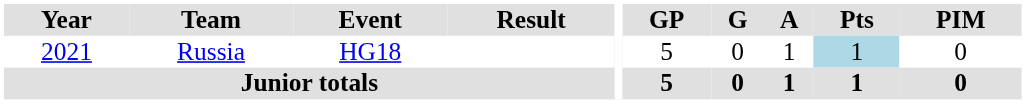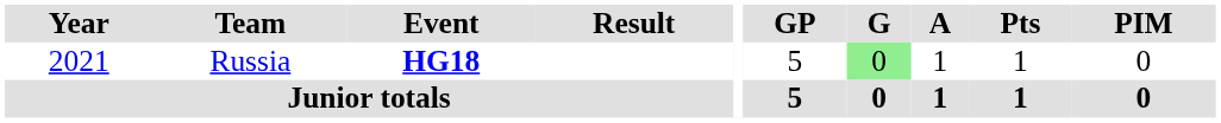 <table border="0" cellpadding="1" cellspacing="0" ID="Table3" style="text-align:center; width:40em">
 <tr bgcolor="#e0e0e0">
 <th>Year</th>
 <th>Team</th>
 <th>Event</th>
 <th>Result</th>
 <th rowspan="99" bgcolor="#ffffff"></th>
 <th>GP</th>
 <th>G</th>
 <th>A</th>
 <th>Pts</th>
 <th>PIM</th>
 </tr>
 <tr>
 <td><a href='#'>2021</a></td>
 <td><a href='#'>Russia</a></td>
-<td><a href='#'>HG18</a></td>
+<td><strong><a href='#'>HG18</a></strong></td>
 <td></td>
 <td>5</td>
-<td>0</td>
+<td style="background: lightgreen;">0</td>
 <td>1</td>
-<td style="background: lightblue;">1</td>
+<td>1</td>
 <td>0</td>
 </tr>
 <tr bgcolor="#e0e0e0">
 <th colspan="4">Junior totals</th>
 <th>5</th>
 <th>0</th>
 <th>1</th>
 <th>1</th>
 <th>0</th>
 </tr>
 </table>
